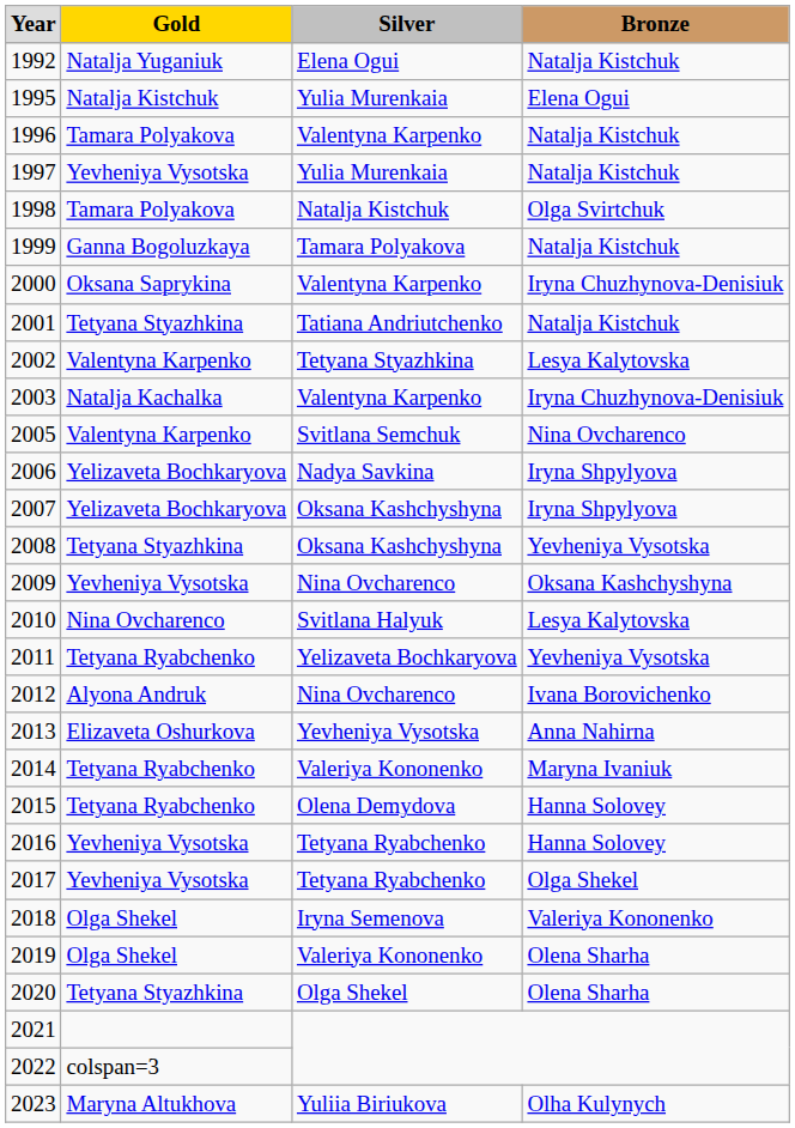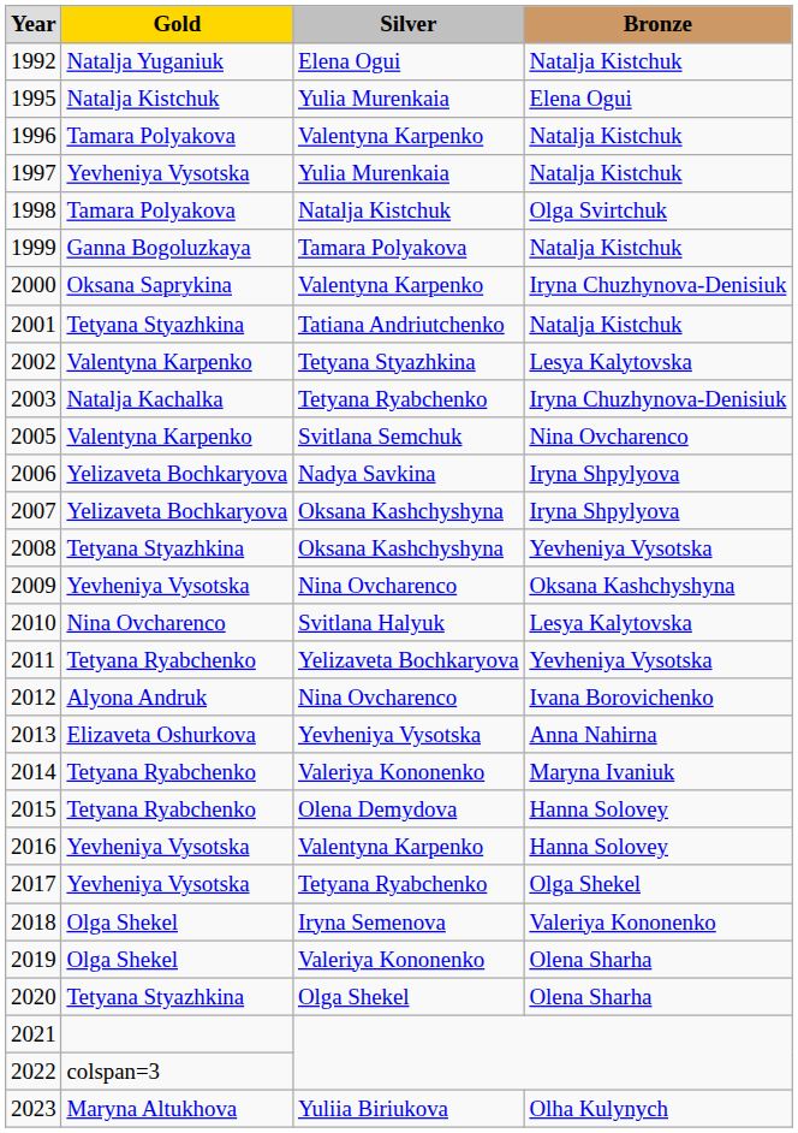 <table class="wikitable sortable alternance" style="font-size:95%">
 <tr>
 <td style="background:#DDDDDD; font-weight:bold; text-align:center;">Year</td>
 <td style="background:gold; font-weight:bold; text-align:center;">Gold</td>
 <td style="background:silver; font-weight:bold; text-align:center;">Silver</td>
 <td style="background:#cc9966; font-weight:bold; text-align:center;">Bronze</td>
 </tr>
 <tr bgcolor="#EFEFEF">
 </tr>
 <tr>
 <td>1992</td>
 <td><a href='#'>Natalja Yuganiuk</a></td>
 <td><a href='#'>Elena Ogui</a></td>
 <td><a href='#'>Natalja Kistchuk</a></td>
 </tr>
 <tr>
 <td>1995</td>
 <td><a href='#'>Natalja Kistchuk</a></td>
 <td><a href='#'>Yulia Murenkaia</a></td>
 <td><a href='#'>Elena Ogui</a></td>
 </tr>
 <tr>
 <td>1996</td>
 <td><a href='#'>Tamara Polyakova</a></td>
 <td><a href='#'>Valentyna Karpenko</a></td>
 <td><a href='#'>Natalja Kistchuk</a></td>
 </tr>
 <tr>
 <td>1997</td>
 <td><a href='#'>Yevheniya Vysotska</a></td>
 <td><a href='#'>Yulia Murenkaia</a></td>
 <td><a href='#'>Natalja Kistchuk</a></td>
 </tr>
 <tr>
 <td>1998</td>
 <td><a href='#'>Tamara Polyakova</a></td>
 <td><a href='#'>Natalja Kistchuk</a></td>
 <td><a href='#'>Olga Svirtchuk</a></td>
 </tr>
 <tr>
 <td>1999</td>
 <td><a href='#'>Ganna Bogoluzkaya</a></td>
 <td><a href='#'>Tamara Polyakova</a></td>
 <td><a href='#'>Natalja Kistchuk</a></td>
 </tr>
 <tr>
 <td>2000</td>
 <td><a href='#'>Oksana Saprykina</a></td>
 <td><a href='#'>Valentyna Karpenko</a></td>
 <td><a href='#'>Iryna Chuzhynova-Denisiuk</a></td>
 </tr>
 <tr>
 <td>2001</td>
 <td><a href='#'>Tetyana Styazhkina</a></td>
 <td><a href='#'>Tatiana Andriutchenko</a></td>
 <td><a href='#'>Natalja Kistchuk</a></td>
 </tr>
 <tr>
 <td>2002</td>
 <td><a href='#'>Valentyna Karpenko</a></td>
 <td><a href='#'>Tetyana Styazhkina</a></td>
 <td><a href='#'>Lesya Kalytovska</a></td>
 </tr>
 <tr>
 <td>2003</td>
 <td><a href='#'>Natalja Kachalka</a></td>
-<td><a href='#'>Valentyna Karpenko</a></td>
+<td><a href='#'>Tetyana Ryabchenko</a></td>
 <td><a href='#'>Iryna Chuzhynova-Denisiuk</a></td>
 </tr>
 <tr>
 <td>2005</td>
 <td><a href='#'>Valentyna Karpenko</a></td>
 <td><a href='#'>Svitlana Semchuk</a></td>
 <td><a href='#'>Nina Ovcharenco</a></td>
 </tr>
 <tr>
 <td>2006</td>
 <td><a href='#'>Yelizaveta Bochkaryova</a></td>
 <td><a href='#'>Nadya Savkina</a></td>
 <td><a href='#'>Iryna Shpylyova</a></td>
 </tr>
 <tr>
 <td>2007</td>
 <td><a href='#'>Yelizaveta Bochkaryova</a></td>
 <td><a href='#'>Oksana Kashchyshyna</a></td>
 <td><a href='#'>Iryna Shpylyova</a></td>
 </tr>
 <tr>
 <td>2008</td>
 <td><a href='#'>Tetyana Styazhkina</a></td>
 <td><a href='#'>Oksana Kashchyshyna</a></td>
 <td><a href='#'>Yevheniya Vysotska</a></td>
 </tr>
 <tr>
 <td>2009</td>
 <td><a href='#'>Yevheniya Vysotska</a></td>
 <td><a href='#'>Nina Ovcharenco</a></td>
 <td><a href='#'>Oksana Kashchyshyna</a></td>
 </tr>
 <tr>
 <td>2010</td>
 <td><a href='#'>Nina Ovcharenco</a></td>
 <td><a href='#'>Svitlana Halyuk</a></td>
 <td><a href='#'>Lesya Kalytovska</a></td>
 </tr>
 <tr>
 <td>2011</td>
 <td><a href='#'>Tetyana Ryabchenko</a></td>
 <td><a href='#'>Yelizaveta Bochkaryova</a></td>
 <td><a href='#'>Yevheniya Vysotska</a></td>
 </tr>
 <tr>
 <td>2012</td>
 <td><a href='#'>Alyona Andruk</a></td>
 <td><a href='#'>Nina Ovcharenco</a></td>
 <td><a href='#'>Ivana Borovichenko</a></td>
 </tr>
 <tr>
 <td>2013</td>
 <td><a href='#'>Elizaveta Oshurkova</a></td>
 <td><a href='#'>Yevheniya Vysotska</a></td>
 <td><a href='#'>Anna Nahirna</a></td>
 </tr>
 <tr>
 <td>2014</td>
 <td><a href='#'>Tetyana Ryabchenko</a></td>
 <td><a href='#'>Valeriya Kononenko</a></td>
 <td><a href='#'>Maryna Ivaniuk</a></td>
 </tr>
 <tr>
 <td>2015</td>
 <td><a href='#'>Tetyana Ryabchenko</a></td>
 <td><a href='#'>Olena Demydova</a></td>
 <td><a href='#'>Hanna Solovey</a></td>
 </tr>
 <tr>
 <td>2016</td>
 <td><a href='#'>Yevheniya Vysotska</a></td>
-<td><a href='#'>Tetyana Ryabchenko</a></td>
+<td><a href='#'>Valentyna Karpenko</a></td>
 <td><a href='#'>Hanna Solovey</a></td>
 </tr>
 <tr>
 <td>2017</td>
 <td><a href='#'>Yevheniya Vysotska</a></td>
 <td><a href='#'>Tetyana Ryabchenko</a></td>
 <td><a href='#'>Olga Shekel</a></td>
 </tr>
 <tr>
 <td>2018</td>
 <td><a href='#'>Olga Shekel</a></td>
 <td><a href='#'>Iryna Semenova</a></td>
 <td><a href='#'>Valeriya Kononenko</a></td>
 </tr>
 <tr>
 <td>2019</td>
 <td><a href='#'>Olga Shekel</a></td>
 <td><a href='#'>Valeriya Kononenko</a></td>
 <td><a href='#'>Olena Sharha</a></td>
 </tr>
 <tr>
 <td>2020</td>
 <td><a href='#'>Tetyana Styazhkina</a></td>
 <td><a href='#'>Olga Shekel</a></td>
 <td><a href='#'>Olena Sharha</a></td>
 </tr>
 <tr>
 <td>2021</td>
 <td></td>
 </tr>
 <tr>
 <td>2022</td>
 <td>colspan=3 </td>
 </tr>
 <tr>
 <td>2023</td>
 <td><a href='#'>Maryna Altukhova</a></td>
 <td><a href='#'>Yuliia Biriukova</a></td>
 <td><a href='#'>Olha Kulynych</a></td>
 </tr>
 </table>
